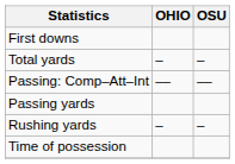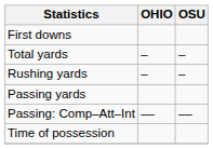 <table class="wikitable" style="float:left">
 <tr>
 <th>Statistics</th>
 <th>OHIO</th>
 <th>OSU</th>
 </tr>
 <tr>
 <td>First downs</td>
 <td></td>
 <td></td>
 </tr>
 <tr>
 <td>Total yards</td>
 <td>–</td>
 <td>–</td>
 </tr>
 <tr>
-<td>Passing: Comp–Att–Int</td>
-<td>––</td>
-<td>––</td>
+<td>Rushing yards</td>
+<td>–</td>
+<td>–</td>
 </tr>
 <tr>
 <td>Passing yards</td>
 <td></td>
 <td></td>
 </tr>
 <tr>
-<td>Rushing yards</td>
-<td>–</td>
-<td>–</td>
+<td>Passing: Comp–Att–Int</td>
+<td>––</td>
+<td>––</td>
 </tr>
 <tr>
 <td>Time of possession</td>
 <td></td>
 <td></td>
 </tr>
 <tr>
 </tr>
 </table>
